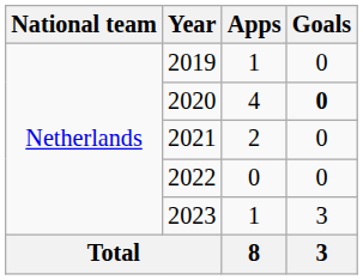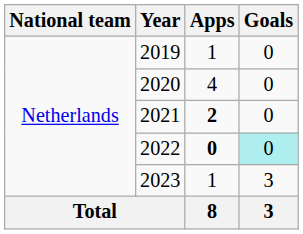 <table class="wikitable" style="text-align: center;">
 <tr>
 <th>National team</th>
 <th>Year</th>
 <th>Apps</th>
 <th>Goals</th>
 </tr>
 <tr>
 <td rowspan="5"><a href='#'>Netherlands</a></td>
 <td>2019</td>
 <td>1</td>
 <td>0</td>
 </tr>
 <tr>
 <td>2020</td>
 <td>4</td>
-<td><strong>0</strong></td>
+<td>0</td>
 </tr>
 <tr>
 <td>2021</td>
-<td>2</td>
+<td><strong>2</strong></td>
 <td>0</td>
 </tr>
 <tr>
 <td>2022</td>
-<td>0</td>
-<td>0</td>
+<td><strong>0</strong></td>
+<td style="background: paleturquoise;">0</td>
 </tr>
 <tr>
 <td>2023</td>
 <td>1</td>
 <td>3</td>
 </tr>
 <tr>
 <th colspan="2">Total</th>
 <th>8</th>
 <th>3</th>
 </tr>
 </table>
